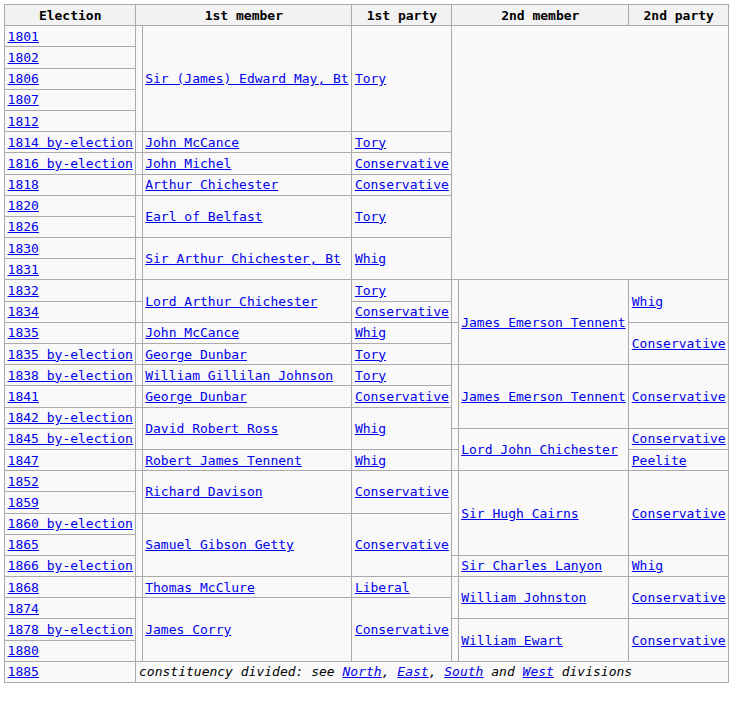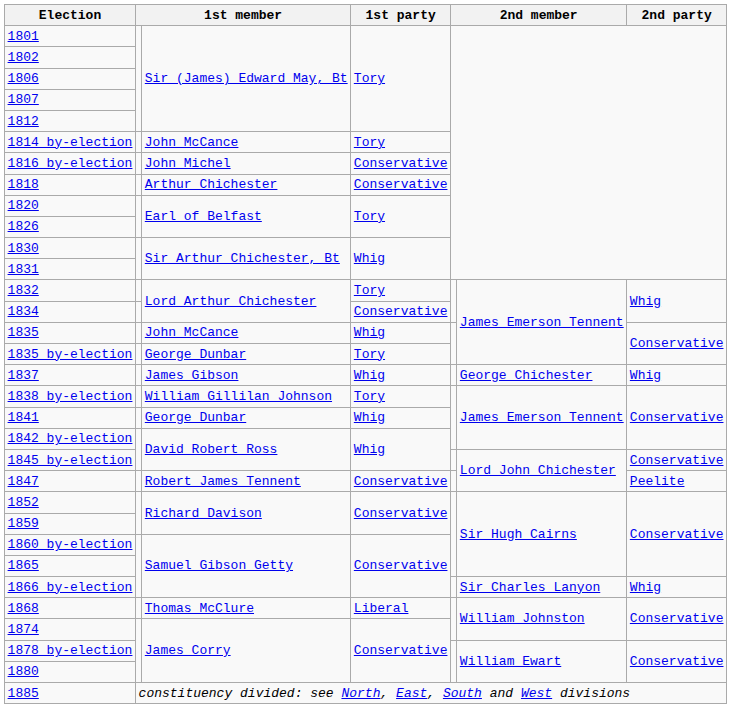 <table class="wikitable">
 <tr>
 <th>Election</th>
 <th colspan="2">1st member</th>
 <th>1st party</th>
 <th colspan="2">2nd member</th>
 <th>2nd party</th>
 </tr>
 <tr>
 <td><a href='#'>1801</a></td>
 <td rowspan="5" style="color:inherit;background-color: "></td>
 <td rowspan="5"><a href='#'>Sir (James) Edward May, Bt</a></td>
 <td rowspan="5"><a href='#'>Tory</a></td>
 </tr>
 <tr>
 <td><a href='#'>1802</a></td>
 </tr>
 <tr>
 <td><a href='#'>1806</a></td>
 </tr>
 <tr>
 <td><a href='#'>1807</a></td>
 </tr>
 <tr>
 <td><a href='#'>1812</a></td>
 </tr>
 <tr>
 <td><a href='#'>1814 by-election</a></td>
 <td rowspan="1" style="color:inherit;background-color: "></td>
 <td rowspan="1"><a href='#'>John McCance</a></td>
 <td rowspan="1"><a href='#'>Tory</a></td>
 </tr>
 <tr>
 <td><a href='#'>1816 by-election</a></td>
 <td rowspan="1" style="color:inherit;background-color: "></td>
 <td rowspan="1"><a href='#'>John Michel</a></td>
 <td rowspan="1"><a href='#'>Conservative</a></td>
 </tr>
 <tr>
 <td><a href='#'>1818</a></td>
 <td rowspan="1" style="color:inherit;background-color: "></td>
 <td rowspan="1"><a href='#'>Arthur Chichester</a></td>
 <td rowspan="1"><a href='#'>Conservative</a></td>
 </tr>
 <tr>
 <td><a href='#'>1820</a></td>
 <td rowspan="2" style="color:inherit;background-color: "></td>
 <td rowspan="2"><a href='#'>Earl of Belfast</a></td>
 <td rowspan="2"><a href='#'>Tory</a></td>
 </tr>
 <tr>
 <td><a href='#'>1826</a></td>
 </tr>
 <tr>
 <td><a href='#'>1830</a></td>
 <td rowspan="2" style="color:inherit;background-color: "></td>
 <td rowspan="2"><a href='#'>Sir Arthur Chichester, Bt</a></td>
 <td rowspan="2"><a href='#'>Whig</a></td>
 </tr>
 <tr>
 <td><a href='#'>1831</a></td>
 </tr>
 <tr>
 <td><a href='#'>1832</a></td>
 <td rowspan="1" style="color:inherit;background-color: "></td>
 <td rowspan="2"><a href='#'>Lord Arthur Chichester</a></td>
 <td rowspan="1"><a href='#'>Tory</a></td>
 <td rowspan="2" style="color:inherit;background-color: "></td>
 <td rowspan="4"><a href='#'>James Emerson Tennent</a></td>
 <td rowspan="2"><a href='#'>Whig</a></td>
 </tr>
 <tr>
 <td><a href='#'>1834</a></td>
 <td rowspan="1" style="color:inherit;background-color: "></td>
 <td rowspan="1"><a href='#'>Conservative</a></td>
 </tr>
 <tr>
 <td><a href='#'>1835</a></td>
 <td rowspan="1" style="color:inherit;background-color: "></td>
 <td rowspan="1"><a href='#'>John McCance</a></td>
 <td rowspan="1"><a href='#'>Whig</a></td>
 <td rowspan="2" style="color:inherit;background-color: "></td>
 <td rowspan="2"><a href='#'>Conservative</a></td>
 </tr>
 <tr>
 <td><a href='#'>1835 by-election</a></td>
 <td rowspan="1" style="color:inherit;background-color: "></td>
 <td rowspan="1"><a href='#'>George Dunbar</a></td>
 <td rowspan="1"><a href='#'>Tory</a></td>
 </tr>
 <tr>
+<td><a href='#'>1837</a></td>
+<td rowspan="1" style="color:inherit;background-color: "></td>
+<td rowspan="1"><a href='#'>James Gibson</a></td>
+<td rowspan="1"><a href='#'>Whig</a></td>
+<td rowspan="1" style="color:inherit;background-color: "></td>
+<td rowspan="1"><a href='#'>George Chichester</a></td>
+<td rowspan="1"><a href='#'>Whig</a></td>
+</tr>
+<tr>
 <td><a href='#'>1838 by-election</a></td>
 <td rowspan="1" style="color:inherit;background-color: "></td>
 <td rowspan="1"><a href='#'>William Gillilan Johnson</a></td>
 <td rowspan="1"><a href='#'>Tory</a></td>
 <td rowspan="3" style="color:inherit;background-color: "></td>
 <td rowspan="3"><a href='#'>James Emerson Tennent</a></td>
 <td rowspan="3"><a href='#'>Conservative</a></td>
 </tr>
 <tr>
 <td><a href='#'>1841</a></td>
 <td rowspan="1" style="color:inherit;background-color: "></td>
 <td rowspan="1"><a href='#'>George Dunbar</a></td>
-<td rowspan="1"><a href='#'>Conservative</a></td>
+<td rowspan="1"><a href='#'>Whig</a></td>
 </tr>
 <tr>
 <td><a href='#'>1842 by-election</a></td>
 <td rowspan="2" style="color:inherit;background-color: "></td>
 <td rowspan="2"><a href='#'>David Robert Ross</a></td>
 <td rowspan="2"><a href='#'>Whig</a></td>
 </tr>
 <tr>
 <td><a href='#'>1845 by-election</a></td>
 <td rowspan="1" style="color:inherit;background-color: "></td>
 <td rowspan="2"><a href='#'>Lord John Chichester</a></td>
 <td rowspan="1"><a href='#'>Conservative</a></td>
 </tr>
 <tr>
 <td><a href='#'>1847</a></td>
 <td rowspan="1" style="color:inherit;background-color: "></td>
 <td rowspan="1"><a href='#'>Robert James Tennent</a></td>
-<td rowspan="1"><a href='#'>Whig</a></td>
+<td rowspan="1"><a href='#'>Conservative</a></td>
 <td rowspan="1" style="color:inherit;background-color: "></td>
 <td rowspan="1"><a href='#'>Peelite</a></td>
 </tr>
 <tr>
 <td><a href='#'>1852</a></td>
 <td rowspan="2" style="color:inherit;background-color: "></td>
 <td rowspan="2"><a href='#'>Richard Davison</a></td>
 <td rowspan="2"><a href='#'>Conservative</a></td>
 <td rowspan="4" style="color:inherit;background-color: "></td>
 <td rowspan="4"><a href='#'>Sir Hugh Cairns</a></td>
 <td rowspan="4"><a href='#'>Conservative</a></td>
 </tr>
 <tr>
 <td><a href='#'>1859</a></td>
 </tr>
 <tr>
 <td><a href='#'>1860 by-election</a></td>
 <td rowspan="3" style="color:inherit;background-color: "></td>
 <td rowspan="3"><a href='#'>Samuel Gibson Getty</a></td>
 <td rowspan="3"><a href='#'>Conservative</a></td>
 </tr>
 <tr>
 <td><a href='#'>1865</a></td>
 </tr>
 <tr>
 <td><a href='#'>1866 by-election</a></td>
 <td rowspan="1" style="color:inherit;background-color: "></td>
 <td rowspan="1"><a href='#'>Sir Charles Lanyon</a></td>
 <td rowspan="1"><a href='#'>Whig</a></td>
 </tr>
 <tr>
 <td><a href='#'>1868</a></td>
 <td rowspan="1" style="color:inherit;background-color: "></td>
 <td rowspan="1"><a href='#'>Thomas McClure</a></td>
 <td rowspan="1"><a href='#'>Liberal</a></td>
 <td rowspan="2" style="color:inherit;background-color: "></td>
 <td rowspan="2"><a href='#'>William Johnston</a></td>
 <td rowspan="2"><a href='#'>Conservative</a></td>
 </tr>
 <tr>
 <td><a href='#'>1874</a></td>
 <td rowspan="3" style="color:inherit;background-color: "></td>
 <td rowspan="3"><a href='#'>James Corry</a></td>
 <td rowspan="3"><a href='#'>Conservative</a></td>
 </tr>
 <tr>
 <td><a href='#'>1878 by-election</a></td>
 <td rowspan="2" style="color:inherit;background-color: "></td>
 <td rowspan="2"><a href='#'>William Ewart</a></td>
 <td rowspan="2"><a href='#'>Conservative</a></td>
 </tr>
 <tr>
 <td><a href='#'>1880</a></td>
 </tr>
 <tr>
 <td><a href='#'>1885</a></td>
 <td colspan="6"><em>constituency divided: see <a href='#'>North</a>, <a href='#'>East</a>, <a href='#'>South</a> and <a href='#'>West</a> divisions</em></td>
 </tr>
 </table>
